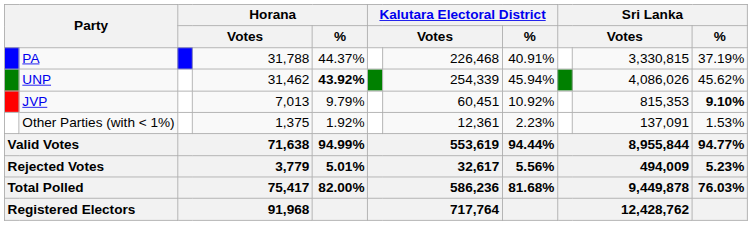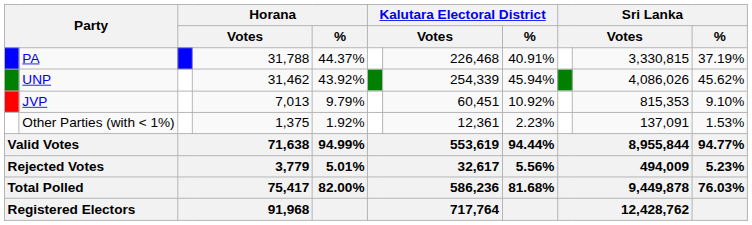 <table class="wikitable">
 <tr>
 <th colspan="2" width="144px"rowspan="2">Party</th>
 <th colspan="3" width="216px">Horana</th>
 <th colspan="3" width="216px"><a href='#'>Kalutara Electoral District</a></th>
 <th colspan="3" width="216px">Sri Lanka</th>
 </tr>
 <tr>
 <th colspan="2" width="144px">Votes</th>
 <th>%</th>
 <th colspan="2" width="144px">Votes</th>
 <th>%</th>
 <th colspan="2" width="144px">Votes</th>
 <th>%</th>
 </tr>
 <tr>
 <td style="background-color:blue;" width="10px"></td>
 <td style="text-align:left;"><a href='#'>PA</a></td>
 <td style="background-color:blue;" width="10px"></td>
 <td style="text-align:right;">31,788</td>
 <td style="text-align:right;">44.37%</td>
 <td style="background-color:white;" width="10px"></td>
 <td style="text-align:right;">226,468</td>
 <td style="text-align:right;">40.91%</td>
 <td style="background-color:white;" width="10px"></td>
 <td style="text-align:right;">3,330,815</td>
 <td style="text-align:right;">37.19%</td>
 </tr>
 <tr>
 <td style="background-color:green;" width="10px"></td>
 <td style="text-align:left;"><a href='#'>UNP</a></td>
 <td style="background-color:white;" width="10px"></td>
 <td style="text-align:right;">31,462</td>
-<td style="text-align:right;"><strong>43.92%</strong></td>
+<td style="text-align:right;">43.92%</td>
 <td style="background-color:green;" width="10px"></td>
 <td style="text-align:right;">254,339</td>
 <td style="text-align:right;">45.94%</td>
 <td style="background-color:green;" width="10px"></td>
 <td style="text-align:right;">4,086,026</td>
 <td style="text-align:right;">45.62%</td>
 </tr>
 <tr>
 <td style="background-color:red;" width="10px"></td>
 <td style="text-align:left;"><a href='#'>JVP</a></td>
 <td style="background-color:white;" width="10px"></td>
 <td style="text-align:right;">7,013</td>
 <td style="text-align:right;">9.79%</td>
 <td style="background-color:white;" width="10px"></td>
 <td style="text-align:right;">60,451</td>
 <td style="text-align:right;">10.92%</td>
 <td style="background-color:white;" width="10px"></td>
 <td style="text-align:right;">815,353</td>
-<td style="text-align:right;"><strong>9.10%</strong></td>
+<td style="text-align:right;">9.10%</td>
 </tr>
 <tr>
 <td style="background-color:white;" width="10px"></td>
 <td style="text-align:left;">Other Parties (with < 1%)</td>
 <td style="background-color:white;" width="10px"></td>
 <td style="text-align:right;">1,375</td>
 <td style="text-align:right;">1.92%</td>
 <td style="background-color:white;" width="10px"></td>
 <td style="text-align:right;">12,361</td>
 <td style="text-align:right;">2.23%</td>
 <td style="background-color:white;" width="10px"></td>
 <td style="text-align:right;">137,091</td>
 <td style="text-align:right;">1.53%</td>
 </tr>
 <tr>
 <th colspan="2" width="144px"style="text-align:left;">Valid Votes</th>
 <th style="text-align:right;"colspan="2" width="144px">71,638</th>
 <th style="text-align:right;">94.99%</th>
 <th style="text-align:right;"colspan="2" width="144px">553,619</th>
 <th style="text-align:right;">94.44%</th>
 <th style="text-align:right;"colspan="2" width="144px">8,955,844</th>
 <th style="text-align:right;">94.77%</th>
 </tr>
 <tr>
 <th colspan="2" width="144px"style="text-align:left;">Rejected Votes</th>
 <th style="text-align:right;"colspan="2" width="144px">3,779</th>
 <th style="text-align:right;">5.01%</th>
 <th style="text-align:right;"colspan="2" width="144px">32,617</th>
 <th style="text-align:right;">5.56%</th>
 <th style="text-align:right;"colspan="2" width="144px">494,009</th>
 <th style="text-align:right;">5.23%</th>
 </tr>
 <tr>
 <th colspan="2" width="144px"style="text-align:left;">Total Polled</th>
 <th style="text-align:right;"colspan="2" width="144px">75,417</th>
 <th style="text-align:right;">82.00%</th>
 <th style="text-align:right;"colspan="2" width="144px">586,236</th>
 <th style="text-align:right;">81.68%</th>
 <th style="text-align:right;"colspan="2" width="144px">9,449,878</th>
 <th style="text-align:right;">76.03%</th>
 </tr>
 <tr>
 <th colspan="2" width="144px"style="text-align:left;">Registered Electors</th>
 <th style="text-align:right;"colspan="2" width="144px">91,968</th>
 <th></th>
 <th style="text-align:right;"colspan="2" width="144px">717,764</th>
 <th></th>
 <th style="text-align:right;"colspan="2" width="144px">12,428,762</th>
 <th></th>
 </tr>
 </table>
